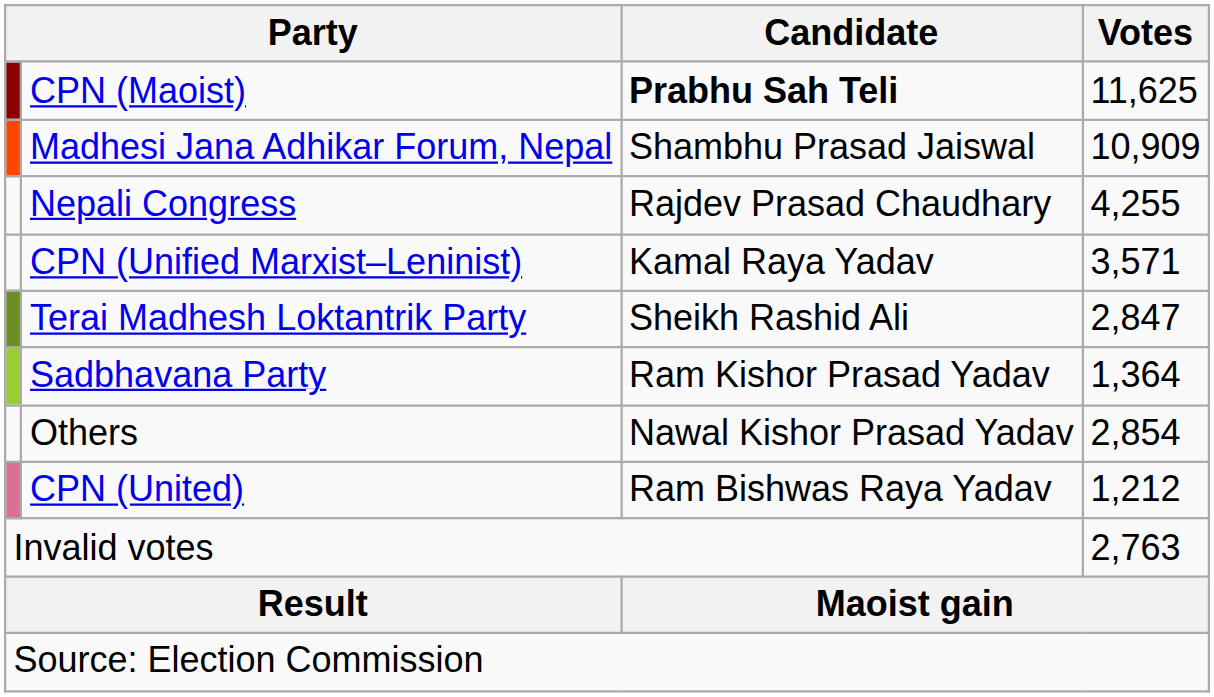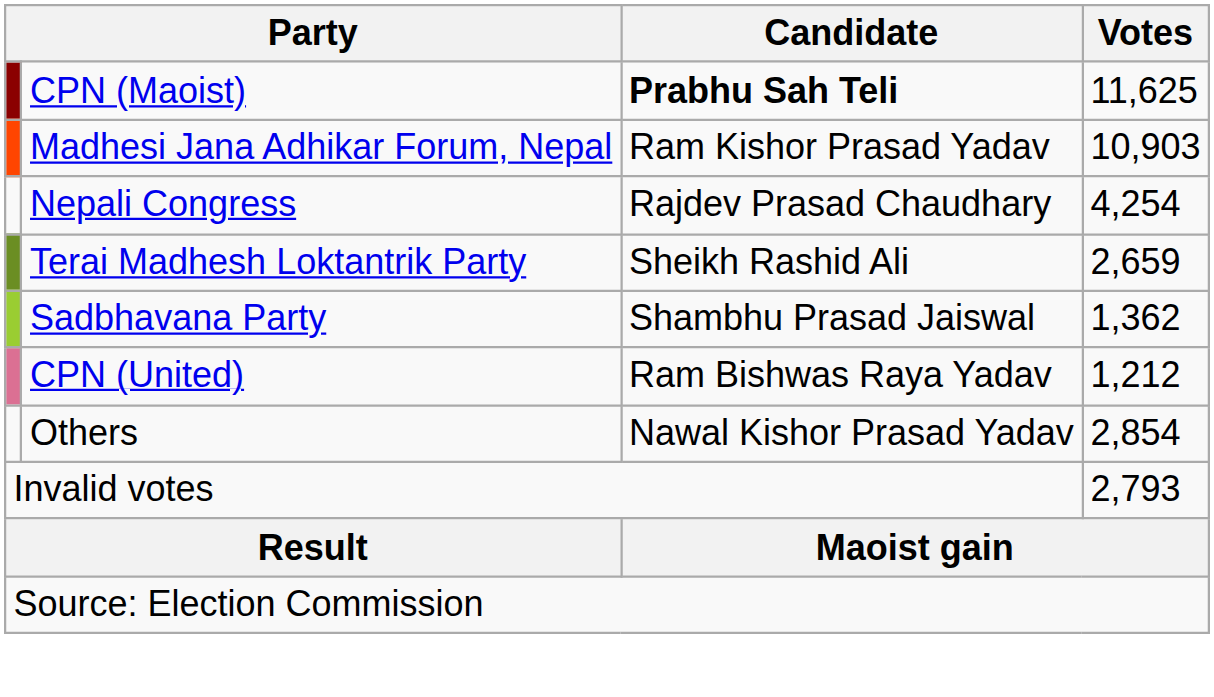 <table class="wikitable">
 <tr>
 <th colspan="2">Party</th>
 <th>Candidate</th>
 <th>Votes</th>
 </tr>
 <tr>
 <td style="background-color:darkred"></td>
 <td><a href='#'>CPN (Maoist)</a></td>
 <td><strong>Prabhu Sah Teli</strong></td>
 <td>11,625</td>
 </tr>
 <tr>
 <td style="background-color:orangered"></td>
 <td><a href='#'>Madhesi Jana Adhikar Forum, Nepal</a></td>
-<td>Shambhu Prasad Jaiswal</td>
-<td>10,909</td>
+<td>Ram Kishor Prasad Yadav</td>
+<td>10,903</td>
 </tr>
 <tr>
 <td style="background-color:"></td>
 <td><a href='#'>Nepali Congress</a></td>
 <td>Rajdev Prasad Chaudhary</td>
-<td>4,255</td>
-</tr>
-<tr>
-<td style="background-color:"></td>
-<td><a href='#'>CPN (Unified Marxist–Leninist)</a></td>
-<td>Kamal Raya Yadav</td>
-<td>3,571</td>
+<td>4,254</td>
 </tr>
 <tr>
 <td style="background-color:olivedrab"></td>
 <td><a href='#'>Terai Madhesh Loktantrik Party</a></td>
 <td>Sheikh Rashid Ali</td>
-<td>2,847</td>
+<td>2,659</td>
 </tr>
 <tr>
 <td style="background-color:yellowgreen"></td>
 <td><a href='#'>Sadbhavana Party</a></td>
-<td>Ram Kishor Prasad Yadav</td>
-<td>1,364</td>
+<td>Shambhu Prasad Jaiswal</td>
+<td>1,362</td>
+</tr>
+<tr>
+<td style="background-color:palevioletred"></td>
+<td><a href='#'>CPN (United)</a></td>
+<td>Ram Bishwas Raya Yadav</td>
+<td>1,212</td>
 </tr>
 <tr>
 <td></td>
 <td>Others</td>
 <td>Nawal Kishor Prasad Yadav</td>
 <td>2,854</td>
 </tr>
 <tr>
-<td style="background-color:palevioletred"></td>
-<td><a href='#'>CPN (United)</a></td>
-<td>Ram Bishwas Raya Yadav</td>
-<td>1,212</td>
-</tr>
-<tr>
 <td colspan="3">Invalid votes</td>
-<td>2,763</td>
+<td>2,793</td>
 </tr>
 <tr>
 <th colspan="2">Result</th>
 <th colspan="2">Maoist gain</th>
 </tr>
 <tr>
 <td colspan="4">Source: Election Commission</td>
 </tr>
 </table>
